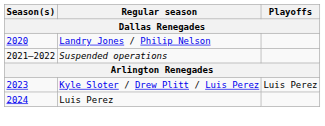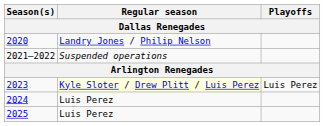 <table class="wikitable">
 <tr>
 <th>Season(s)</th>
 <th>Regular season</th>
 <th>Playoffs</th>
 </tr>
 <tr>
 <th colspan="3">Dallas Renegades</th>
 </tr>
 <tr>
 <td><a href='#'>2020</a></td>
 <td><a href='#'>Landry Jones</a>  / <a href='#'>Philip Nelson</a> </td>
 <td></td>
 </tr>
 <tr>
 <td>2021–2022</td>
 <td><em>Suspended operations</em></td>
 <td></td>
 </tr>
 <tr>
 <th colspan="3">Arlington Renegades</th>
 </tr>
 <tr>
 <td><a href='#'>2023</a></td>
-<td><a href='#'>Kyle Sloter</a>  / <a href='#'>Drew Plitt</a>  / <a href='#'>Luis Perez</a> </td>
+<td style="background: lightyellow;"><a href='#'>Kyle Sloter</a>  / <a href='#'>Drew Plitt</a>  / <a href='#'>Luis Perez</a> </td>
 <td>Luis Perez </td>
 </tr>
 <tr>
 <td><a href='#'>2024</a></td>
 <td>Luis Perez </td>
 <td></td>
 </tr>
+<tr>
+<td><a href='#'>2025</a></td>
+<td>Luis Perez </td>
+<td></td>
+</tr>
 </table>
